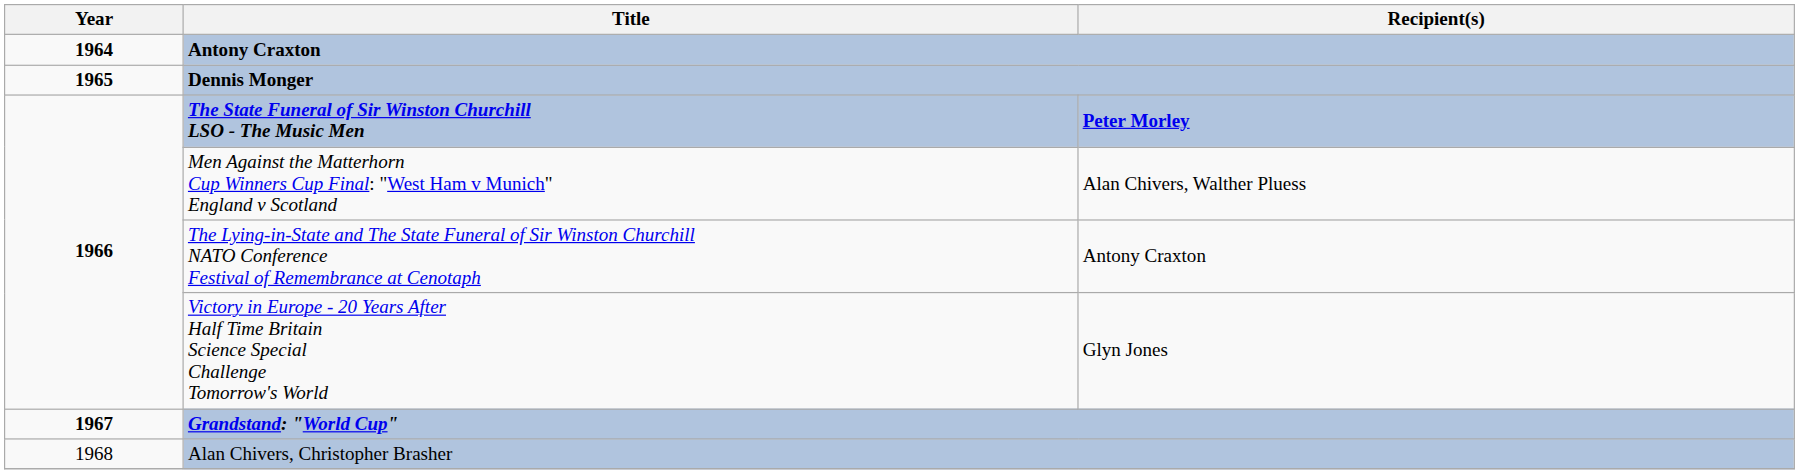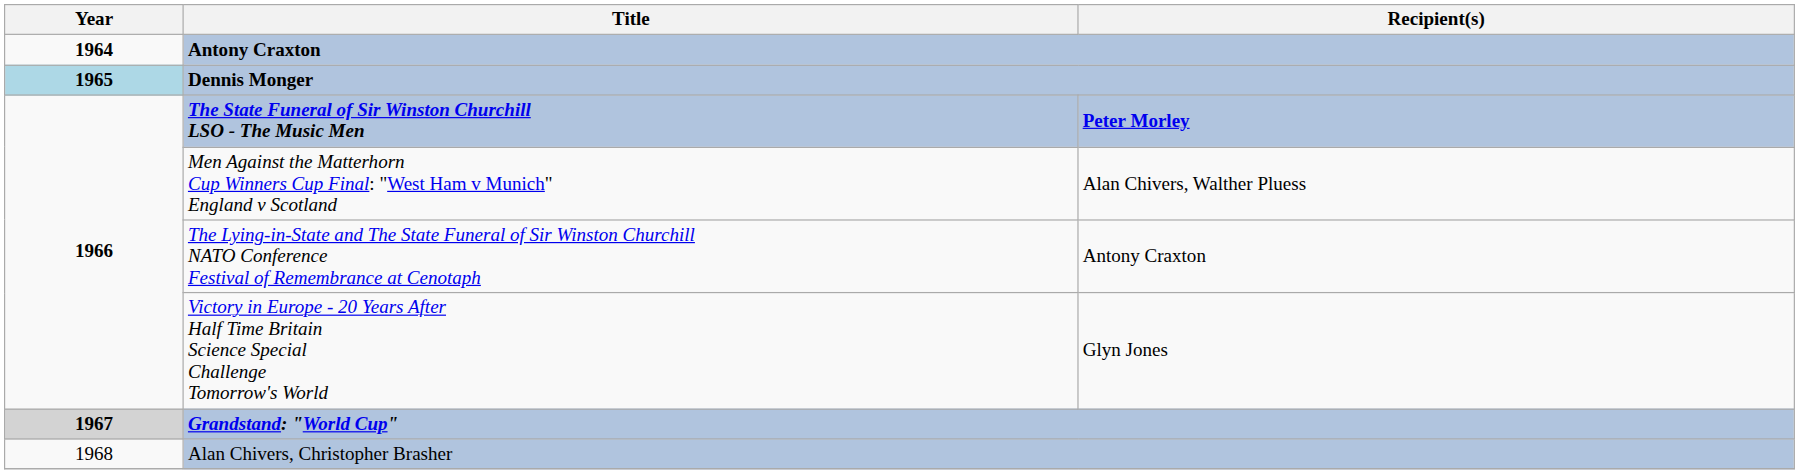 <table class="wikitable" width="95%">
 <tr>
 <th width=5%>Year</th>
 <th width=25%><strong>Title</strong></th>
 <th width=20%><strong>Recipient(s)</strong></th>
 </tr>
 <tr>
 <td rowspan="1" style="text-align:center;"><strong>1964</strong></td>
 <td colspan="2" style="background:#B0C4DE;"><strong>Antony Craxton</strong></td>
 </tr>
 <tr>
-<td rowspan="1" style="text-align:center;"><strong>1965</strong></td>
+<td rowspan="1" style="background: lightblue; text-align:center;"><strong>1965</strong></td>
 <td colspan="2" style="background:#B0C4DE;"><strong>Dennis Monger</strong></td>
 </tr>
 <tr>
 <td rowspan="4" style="text-align:center;"><strong>1966</strong></td>
 <td style="background:#B0C4DE;"><strong><em><a href='#'>The State Funeral of Sir Winston Churchill</a><br>LSO - The Music Men</em></strong></td>
 <td style="background:#B0C4DE;"><strong><a href='#'>Peter Morley</a></strong></td>
 </tr>
 <tr>
 <td><em>Men Against the Matterhorn</em><br><em><a href='#'>Cup Winners Cup Final</a></em>: "<a href='#'>West Ham v Munich</a>"<br><em>England v Scotland</em></td>
 <td>Alan Chivers, Walther Pluess</td>
 </tr>
 <tr>
 <td><em><a href='#'>The Lying-in-State and The State Funeral of Sir Winston Churchill</a><br>NATO Conference<br><a href='#'>Festival of Remembrance at Cenotaph</a></em></td>
 <td>Antony Craxton</td>
 </tr>
 <tr>
 <td><em><a href='#'>Victory in Europe - 20 Years After</a><br>Half Time Britain<br>Science Special<br>Challenge<br>Tomorrow's World</em></td>
 <td>Glyn Jones</td>
 </tr>
 <tr>
-<td rowspan="1" style="text-align:center;"><strong>1967</strong></td>
+<td rowspan="1" style="background: lightgrey; text-align:center;"><strong>1967</strong></td>
 <td colspan="2" style="background:#B0C4DE;"><strong><em><a href='#'>Grandstand</a><em>: "<a href='#'>World Cup</a>"<strong></td>
 </tr>
 <tr>
 <td rowspan="1" style="text-align:center;"></strong>1968<strong></td>
 <td colspan="2" style="background:#B0C4DE;"></em></strong>Alan Chivers, Christopher Brasher<strong><em></td>
 </tr>
 <tr>
 </tr>
 </table>
